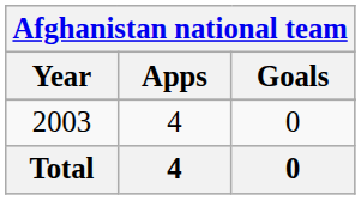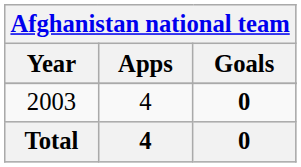 <table class="wikitable" style="text-align:center">
 <tr>
 <th colspan=3><a href='#'>Afghanistan national team</a></th>
 </tr>
 <tr>
 <th>Year</th>
 <th>Apps</th>
 <th>Goals</th>
 </tr>
 <tr>
 </tr>
 <tr>
 <td>2003</td>
 <td>4</td>
-<td>0</td>
+<td><strong>0</strong></td>
 </tr>
 <tr>
 <th>Total</th>
 <th>4</th>
 <th>0</th>
 </tr>
 </table>
